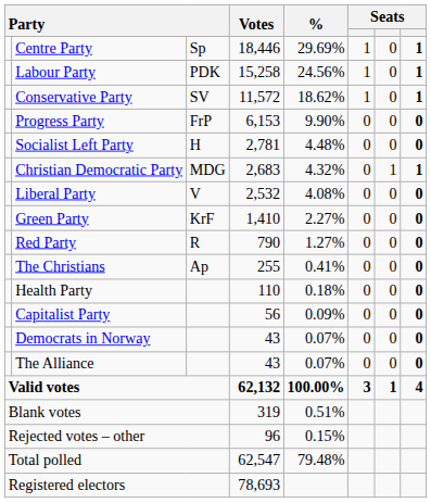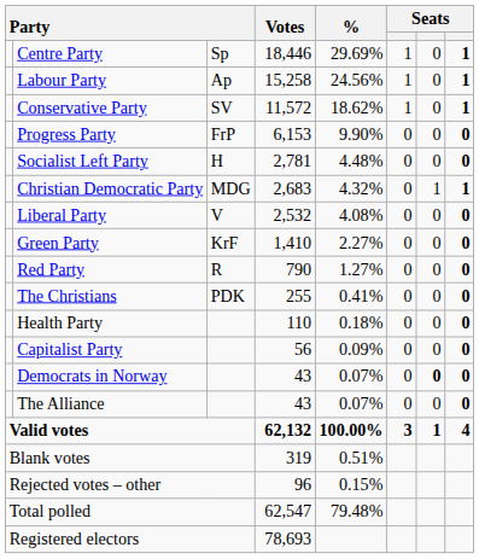 <table class="wikitable" border="1" style="text-align:right;">
 <tr>
 <th style="text-align:left;" valign=bottom rowspan=2 colspan=3>Party</th>
 <th align=center valign=bottom rowspan=2 width="50">Votes</th>
 <th align=center valign=bottom rowspan=2 width="50">%</th>
 <th colspan=3>Seats</th>
 </tr>
 <tr>
 <th align=center valign=bottom width="20"><small></small></th>
 <th align=center valign=bottom width="20"><small><a href='#'></a></small></th>
 <th align=center valign=bottom width="20"><small></small></th>
 </tr>
 <tr>
 <td style="color:inherit;background:"></td>
 <td align=left><a href='#'>Centre Party</a></td>
 <td align=left>Sp</td>
 <td>18,446</td>
 <td>29.69%</td>
 <td>1</td>
 <td>0</td>
 <td><strong>1</strong></td>
 </tr>
 <tr>
 <td style="color:inherit;background:"></td>
 <td align=left><a href='#'>Labour Party</a></td>
-<td align=left>PDK</td>
+<td align=left>Ap</td>
 <td>15,258</td>
 <td>24.56%</td>
 <td>1</td>
 <td>0</td>
 <td><strong>1</strong></td>
 </tr>
 <tr>
 <td style="color:inherit;background:"></td>
 <td align=left><a href='#'>Conservative Party</a></td>
 <td align=left>SV</td>
 <td>11,572</td>
 <td>18.62%</td>
 <td>1</td>
 <td>0</td>
 <td><strong>1</strong></td>
 </tr>
 <tr>
 <td style="color:inherit;background:"></td>
 <td align=left><a href='#'>Progress Party</a></td>
 <td align=left>FrP</td>
 <td>6,153</td>
 <td>9.90%</td>
 <td>0</td>
 <td>0</td>
 <td><strong>0</strong></td>
 </tr>
 <tr>
 <td style="color:inherit;background:"></td>
 <td align=left><a href='#'>Socialist Left Party</a></td>
 <td align=left>H</td>
 <td>2,781</td>
 <td>4.48%</td>
 <td>0</td>
 <td>0</td>
 <td><strong>0</strong></td>
 </tr>
 <tr>
 <td style="color:inherit;background:"></td>
 <td align=left><a href='#'>Christian Democratic Party</a></td>
 <td align=left>MDG</td>
 <td>2,683</td>
 <td>4.32%</td>
 <td>0</td>
 <td>1</td>
 <td><strong>1</strong></td>
 </tr>
 <tr>
 <td style="color:inherit;background:"></td>
 <td align=left><a href='#'>Liberal Party</a></td>
 <td align=left>V</td>
 <td>2,532</td>
 <td>4.08%</td>
 <td>0</td>
 <td>0</td>
 <td><strong>0</strong></td>
 </tr>
 <tr>
 <td style="color:inherit;background:"></td>
 <td align=left><a href='#'>Green Party</a></td>
 <td align=left>KrF</td>
 <td>1,410</td>
 <td>2.27%</td>
 <td>0</td>
 <td>0</td>
 <td><strong>0</strong></td>
 </tr>
 <tr>
 <td style="color:inherit;background:"></td>
 <td align=left><a href='#'>Red Party</a></td>
 <td align=left>R</td>
 <td>790</td>
 <td>1.27%</td>
 <td>0</td>
 <td>0</td>
 <td><strong>0</strong></td>
 </tr>
 <tr>
 <td style="color:inherit;background:"></td>
 <td align=left><a href='#'>The Christians</a></td>
-<td align=left>Ap</td>
+<td align=left>PDK</td>
 <td>255</td>
 <td>0.41%</td>
 <td>0</td>
 <td>0</td>
 <td><strong>0</strong></td>
 </tr>
 <tr>
 <td></td>
 <td align=left>Health Party</td>
 <td align=left></td>
 <td>110</td>
 <td>0.18%</td>
 <td>0</td>
 <td>0</td>
 <td><strong>0</strong></td>
 </tr>
 <tr>
 <td style="color:inherit;background:"></td>
 <td align=left><a href='#'>Capitalist Party</a></td>
 <td align=left></td>
 <td>56</td>
 <td>0.09%</td>
 <td>0</td>
 <td>0</td>
 <td><strong>0</strong></td>
 </tr>
 <tr>
 <td style="color:inherit;background:"></td>
 <td align=left><a href='#'>Democrats in Norway</a></td>
 <td align=left></td>
 <td>43</td>
 <td>0.07%</td>
 <td>0</td>
-<td>0</td>
+<td><strong>0</strong></td>
 <td><strong>0</strong></td>
 </tr>
 <tr>
 <td></td>
 <td align=left>The Alliance</td>
 <td align=left></td>
 <td>43</td>
 <td>0.07%</td>
 <td>0</td>
 <td>0</td>
 <td><strong>0</strong></td>
 </tr>
 <tr style="font-weight:bold">
 <td align=left colspan=3>Valid votes</td>
 <td>62,132</td>
 <td>100.00%</td>
 <td>3</td>
 <td>1</td>
 <td>4</td>
 </tr>
 <tr>
 <td align=left colspan=3>Blank votes</td>
 <td>319</td>
 <td>0.51%</td>
 <td></td>
 <td></td>
 <td></td>
 </tr>
 <tr>
 <td align=left colspan=3>Rejected votes – other</td>
 <td>96</td>
 <td>0.15%</td>
 <td></td>
 <td></td>
 <td></td>
 </tr>
 <tr>
 <td align=left colspan=3>Total polled</td>
 <td>62,547</td>
 <td>79.48%</td>
 <td></td>
 <td></td>
 <td></td>
 </tr>
 <tr>
 <td align=left colspan=3>Registered electors</td>
 <td>78,693</td>
 <td></td>
 <td></td>
 <td></td>
 <td></td>
 </tr>
 </table>
